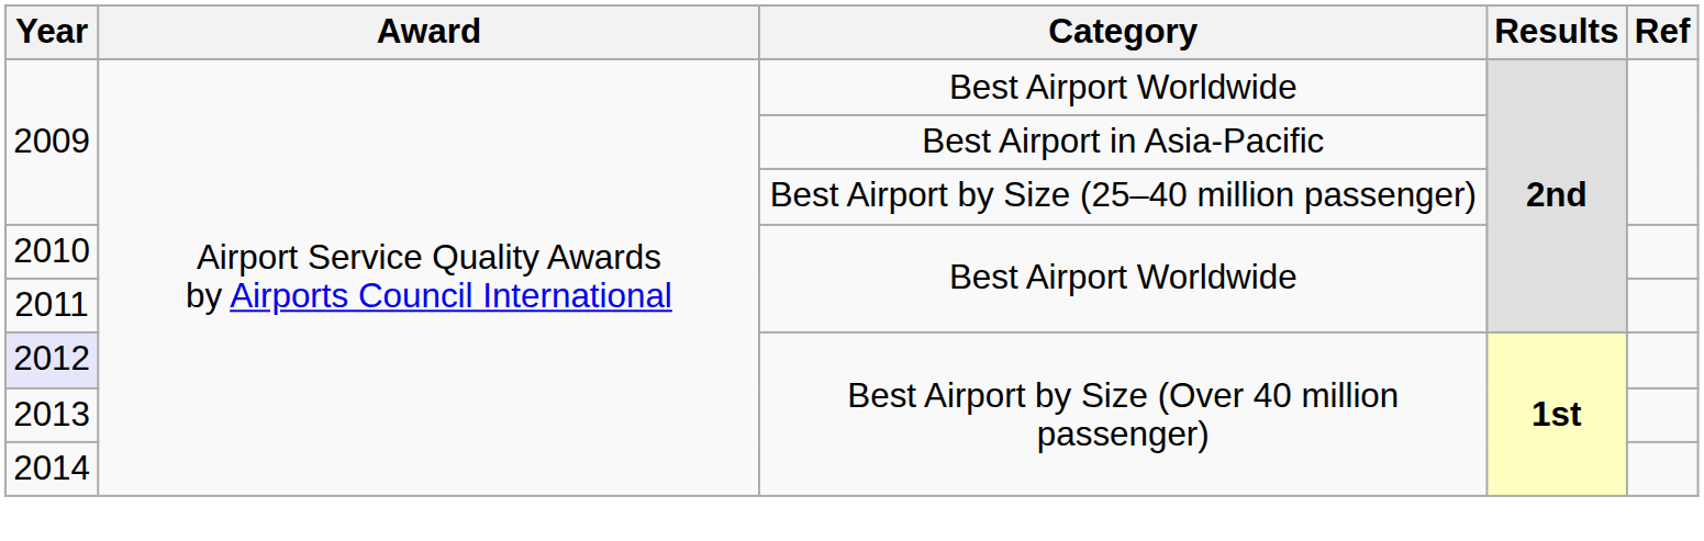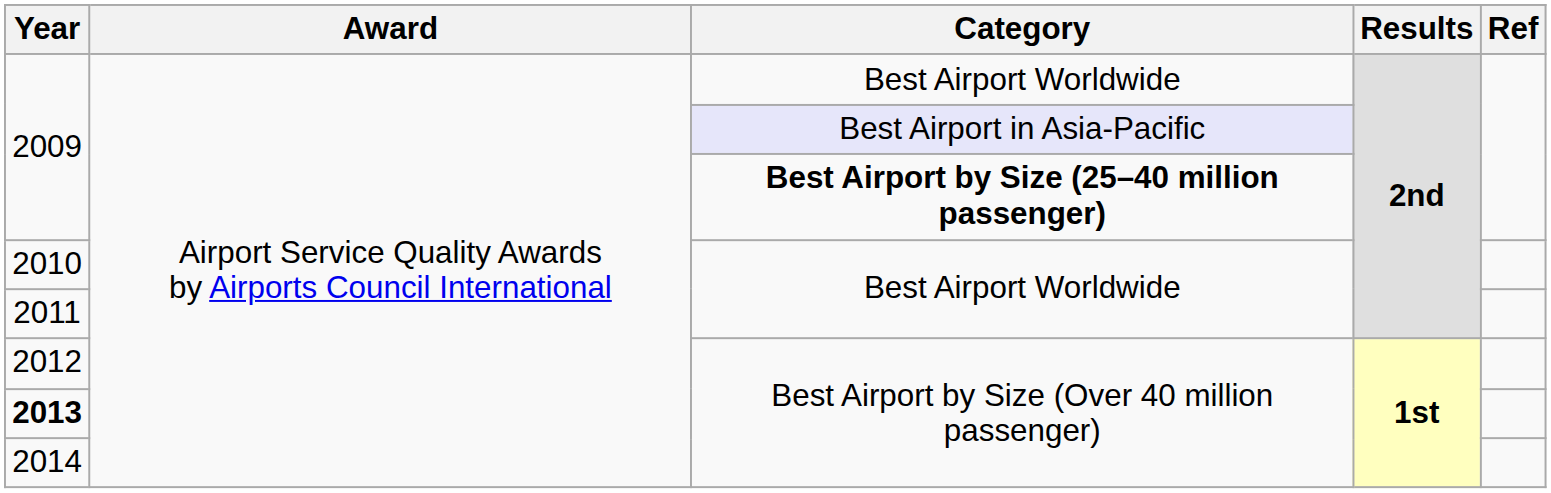 <table class="wikitable" style="text-align:center">
 <tr>
 <th>Year</th>
 <th style="width:300px;">Award</th>
 <th style="width:330px;">Category</th>
 <th>Results</th>
 <th>Ref</th>
 </tr>
 <tr>
 <td rowspan=3>2009</td>
 <td rowspan=9>Airport Service Quality Awards<br>by <a href='#'>Airports Council International</a></td>
 <td>Best Airport Worldwide</td>
 <td rowspan="5" style="background:#dfdfdf;"><strong>2nd</strong></td>
 <td rowspan=3></td>
 </tr>
 <tr>
-<td>Best Airport in Asia-Pacific</td>
+<td style="background: lavender;">Best Airport in Asia-Pacific</td>
 </tr>
 <tr>
-<td>Best Airport by Size (25–40 million passenger)</td>
+<td><strong>Best Airport by Size (25–40 million passenger)</strong></td>
 </tr>
 <tr>
 <td>2010</td>
 <td rowspan=2>Best Airport Worldwide</td>
 <td></td>
 </tr>
 <tr>
 <td>2011</td>
 <td></td>
 </tr>
 <tr>
-<td style="background: lavender;">2012</td>
+<td>2012</td>
 <td rowspan=3>Best Airport by Size (Over 40 million passenger)</td>
 <td rowspan="5" style="background:#ffffbf;"><strong>1st</strong></td>
 <td></td>
 </tr>
 <tr>
-<td>2013</td>
+<td><strong>2013</strong></td>
 <td></td>
 </tr>
 <tr>
 <td>2014</td>
 <td rowspan=3></td>
 </tr>
 </table>
